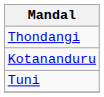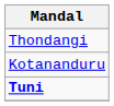 <table class="wikitable sortable static-row-numbers static-row-header-hash">
 <tr>
 <th>Mandal</th>
 </tr>
 <tr>
 <td><a href='#'>Thondangi</a></td>
 </tr>
 <tr>
 <td><a href='#'>Kotananduru</a></td>
 </tr>
 <tr>
-<td><a href='#'>Tuni</a></td>
+<td><strong><a href='#'>Tuni</a></strong></td>
 </tr>
 <tr>
 </tr>
 </table>
